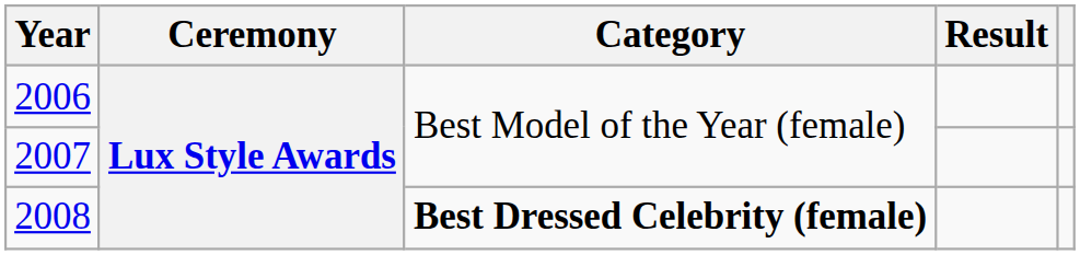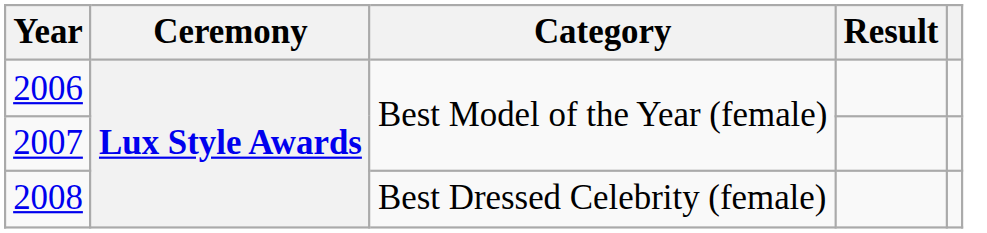 <table class="wikitable plainrowheaders">
 <tr>
 <th>Year</th>
 <th>Ceremony</th>
 <th>Category</th>
 <th>Result</th>
 <th></th>
 </tr>
 <tr>
 <td><a href='#'>2006</a></td>
 <th rowspan=3 scope=row><a href='#'>Lux Style Awards</a></th>
 <td rowspan="2">Best Model of the Year (female)</td>
 <td></td>
 <td></td>
 </tr>
 <tr>
 <td><a href='#'>2007</a></td>
 <td></td>
 <td></td>
 </tr>
 <tr>
 <td><a href='#'>2008</a></td>
-<td><strong>Best Dressed Celebrity (female)</strong></td>
+<td>Best Dressed Celebrity (female)</td>
 <td></td>
 <td></td>
 </tr>
 </table>
